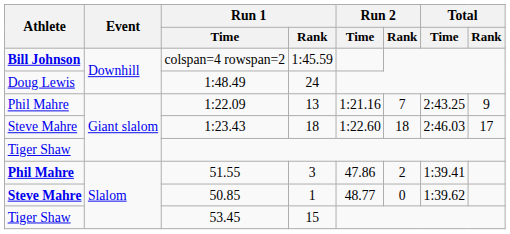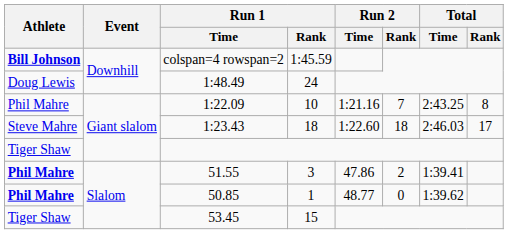 <table class=wikitable style=font-size:90%;text-align:center>
 <tr>
 <th rowspan=2>Athlete</th>
 <th rowspan=2>Event</th>
 <th colspan=2>Run 1</th>
 <th colspan=2>Run 2</th>
 <th colspan=2>Total</th>
 </tr>
 <tr style=font-size:95%>
 <th>Time</th>
 <th>Rank</th>
 <th>Time</th>
 <th>Rank</th>
 <th>Time</th>
 <th>Rank</th>
 </tr>
 <tr>
 <td align=left><strong><a href='#'>Bill Johnson</a></strong></td>
 <td align=left rowspan=2><a href='#'>Downhill</a></td>
 <td>colspan=4 rowspan=2 </td>
 <td>1:45.59</td>
 <td></td>
 </tr>
 <tr>
 <td align=left><a href='#'>Doug Lewis</a></td>
 <td>1:48.49</td>
 <td>24</td>
 </tr>
 <tr>
 <td align=left><a href='#'>Phil Mahre</a></td>
 <td align=left rowspan=3><a href='#'>Giant slalom</a></td>
 <td>1:22.09</td>
-<td>13</td>
+<td>10</td>
 <td>1:21.16</td>
 <td>7</td>
 <td>2:43.25</td>
-<td>9</td>
+<td>8</td>
 </tr>
 <tr>
 <td align=left><a href='#'>Steve Mahre</a></td>
 <td>1:23.43</td>
 <td>18</td>
 <td>1:22.60</td>
 <td>18</td>
 <td>2:46.03</td>
 <td>17</td>
 </tr>
 <tr>
 <td align=left><a href='#'>Tiger Shaw</a></td>
 <td colspan=6></td>
 </tr>
 <tr>
 <td align=left><strong><a href='#'>Phil Mahre</a></strong></td>
 <td align=left rowspan=3><a href='#'>Slalom</a></td>
 <td>51.55</td>
 <td>3</td>
 <td>47.86</td>
 <td>2</td>
 <td>1:39.41</td>
 <td></td>
 </tr>
 <tr>
-<td align=left><strong><a href='#'>Steve Mahre</a></strong></td>
+<td align=left><strong><a href='#'>Phil Mahre</a></strong></td>
 <td>50.85</td>
 <td>1</td>
 <td>48.77</td>
 <td>0</td>
 <td>1:39.62</td>
 <td></td>
 </tr>
 <tr>
 <td align=left><a href='#'>Tiger Shaw</a></td>
 <td>53.45</td>
 <td>15</td>
 <td colspan=4></td>
 </tr>
 </table>
